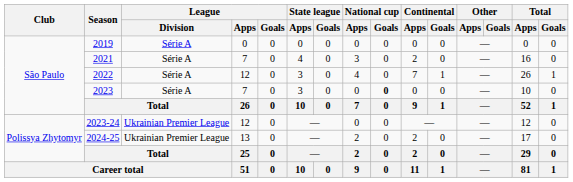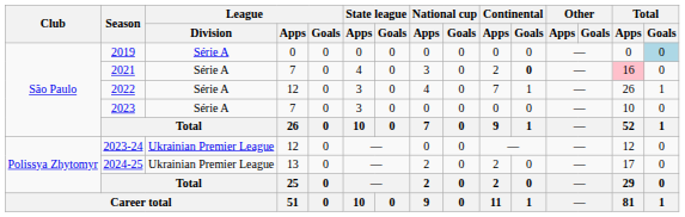 <table class="wikitable" style="text-align: center">
 <tr>
 <th rowspan="2">Club</th>
 <th rowspan="2">Season</th>
 <th colspan="3">League</th>
 <th colspan="2">State league</th>
 <th colspan="2">National cup</th>
 <th colspan="2">Continental</th>
 <th colspan="2">Other</th>
 <th colspan="2">Total</th>
 </tr>
 <tr>
 <th>Division</th>
 <th>Apps</th>
 <th>Goals</th>
 <th>Apps</th>
 <th>Goals</th>
 <th>Apps</th>
 <th>Goals</th>
 <th>Apps</th>
 <th>Goals</th>
 <th>Apps</th>
 <th>Goals</th>
 <th>Apps</th>
 <th>Goals</th>
 </tr>
 <tr>
 <td rowspan="5"><a href='#'>São Paulo</a></td>
 <td><a href='#'>2019</a></td>
 <td><a href='#'>Série A</a></td>
 <td>0</td>
 <td>0</td>
 <td>0</td>
 <td>0</td>
 <td>0</td>
 <td>0</td>
 <td>0</td>
 <td>0</td>
 <td colspan="2">—</td>
 <td>0</td>
-<td>0</td>
+<td style="background: lightblue;">0</td>
 </tr>
 <tr>
 <td><a href='#'>2021</a></td>
 <td>Série A</td>
 <td>7</td>
 <td>0</td>
 <td>4</td>
 <td>0</td>
 <td>3</td>
 <td>0</td>
 <td>2</td>
-<td>0</td>
+<td><strong>0</strong></td>
 <td colspan="2">—</td>
-<td>16</td>
+<td style="background: pink;">16</td>
 <td>0</td>
 </tr>
 <tr>
 <td><a href='#'>2022</a></td>
 <td>Série A</td>
 <td>12</td>
 <td>0</td>
 <td>3</td>
 <td>0</td>
 <td>4</td>
 <td>0</td>
 <td>7</td>
 <td>1</td>
 <td colspan="2">—</td>
 <td>26</td>
 <td>1</td>
 </tr>
 <tr>
 <td><a href='#'>2023</a></td>
 <td>Série A</td>
 <td>7</td>
 <td>0</td>
 <td>3</td>
 <td>0</td>
 <td>0</td>
-<td><strong>0</strong></td>
+<td>0</td>
 <td>0</td>
 <td>0</td>
 <td colspan="2">—</td>
 <td>10</td>
 <td>0</td>
 </tr>
 <tr>
 <th colspan="2">Total</th>
 <th>26</th>
 <th>0</th>
 <th>10</th>
 <th>0</th>
 <th>7</th>
 <th>0</th>
 <th>9</th>
 <th>1</th>
 <th colspan="2">—</th>
 <th>52</th>
 <th>1</th>
 </tr>
 <tr>
 <td rowspan="3"><a href='#'>Polissya Zhytomyr</a></td>
 <td><a href='#'>2023-24</a></td>
 <td><a href='#'>Ukrainian Premier League</a></td>
 <td>12</td>
 <td>0</td>
 <td colspan="2">—</td>
 <td>0</td>
 <td>0</td>
 <td colspan="2">—</td>
 <td colspan="2">—</td>
 <td>12</td>
 <td>0</td>
 </tr>
 <tr>
 <td><a href='#'>2024-25</a></td>
 <td>Ukrainian Premier League</td>
 <td>13</td>
 <td>0</td>
 <td colspan="2">—</td>
 <td>2</td>
 <td>0</td>
 <td>2</td>
 <td>0</td>
 <td colspan="2">—</td>
 <td>17</td>
 <td>0</td>
 </tr>
 <tr>
 <th colspan="2">Total</th>
 <th>25</th>
 <th>0</th>
 <th colspan="2">—</th>
 <th>2</th>
 <th>0</th>
 <th>2</th>
 <th>0</th>
 <th colspan="2">—</th>
 <th>29</th>
 <th>0</th>
 </tr>
 <tr>
 <th colspan="3">Career total</th>
 <th>51</th>
 <th>0</th>
 <th>10</th>
 <th>0</th>
 <th>9</th>
 <th>0</th>
 <th>11</th>
 <th>1</th>
 <th colspan="2">—</th>
 <th>81</th>
 <th>1</th>
 </tr>
 </table>
